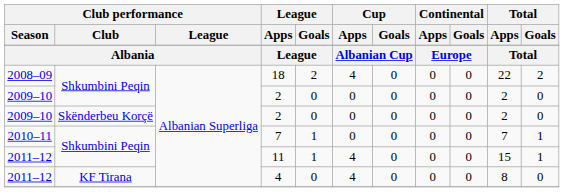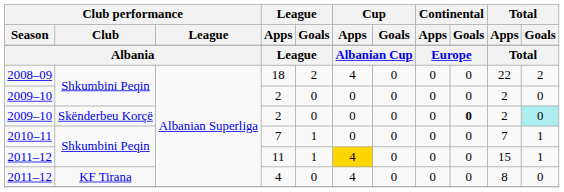 <table class="wikitable" style="text-align:center">
 <tr>
 <th colspan=3>Club performance</th>
 <th colspan=2>League</th>
 <th colspan=2>Cup</th>
 <th colspan=2>Continental</th>
 <th colspan=2>Total</th>
 </tr>
 <tr>
 <th>Season</th>
 <th>Club</th>
 <th>League</th>
 <th>Apps</th>
 <th>Goals</th>
 <th>Apps</th>
 <th>Goals</th>
 <th>Apps</th>
 <th>Goals</th>
 <th>Apps</th>
 <th>Goals</th>
 </tr>
 <tr>
 </tr>
 <tr>
 <th colspan=3>Albania</th>
 <th colspan=2>League</th>
 <th colspan=2><a href='#'>Albanian Cup</a></th>
 <th colspan=2><a href='#'>Europe</a></th>
 <th colspan=2>Total</th>
 </tr>
 <tr>
 <td><a href='#'>2008–09</a></td>
 <td rowspan="2"><a href='#'>Shkumbini Peqin</a></td>
 <td rowspan="6"><a href='#'>Albanian Superliga</a></td>
 <td>18</td>
 <td>2</td>
 <td>4</td>
 <td>0</td>
 <td>0</td>
 <td>0</td>
 <td>22</td>
 <td>2</td>
 </tr>
 <tr>
 <td><a href='#'>2009–10</a></td>
 <td>2</td>
 <td>0</td>
 <td>0</td>
 <td>0</td>
 <td>0</td>
 <td>0</td>
 <td>2</td>
 <td>0</td>
 </tr>
 <tr>
 <td><a href='#'>2009–10</a></td>
 <td rowspan="1"><a href='#'>Skënderbeu Korçë</a></td>
 <td>2</td>
 <td>0</td>
 <td>0</td>
 <td>0</td>
 <td>0</td>
-<td>0</td>
+<td><strong>0</strong></td>
 <td>2</td>
-<td>0</td>
+<td style="background: paleturquoise;">0</td>
 </tr>
 <tr>
 <td><a href='#'>2010–11</a></td>
 <td rowspan="2"><a href='#'>Shkumbini Peqin</a></td>
 <td>7</td>
 <td>1</td>
 <td>0</td>
 <td>0</td>
 <td>0</td>
 <td>0</td>
 <td>7</td>
 <td>1</td>
 </tr>
 <tr>
 <td><a href='#'>2011–12</a></td>
 <td>11</td>
 <td>1</td>
-<td>4</td>
+<td style="background: gold;">4</td>
 <td>0</td>
 <td>0</td>
 <td>0</td>
 <td>15</td>
 <td>1</td>
 </tr>
 <tr>
 <td><a href='#'>2011–12</a></td>
 <td rowspan="1"><a href='#'>KF Tirana</a></td>
 <td>4</td>
 <td>0</td>
 <td>4</td>
 <td>0</td>
 <td>0</td>
 <td>0</td>
 <td>8</td>
 <td>0</td>
 </tr>
 <tr>
 </tr>
 </table>
